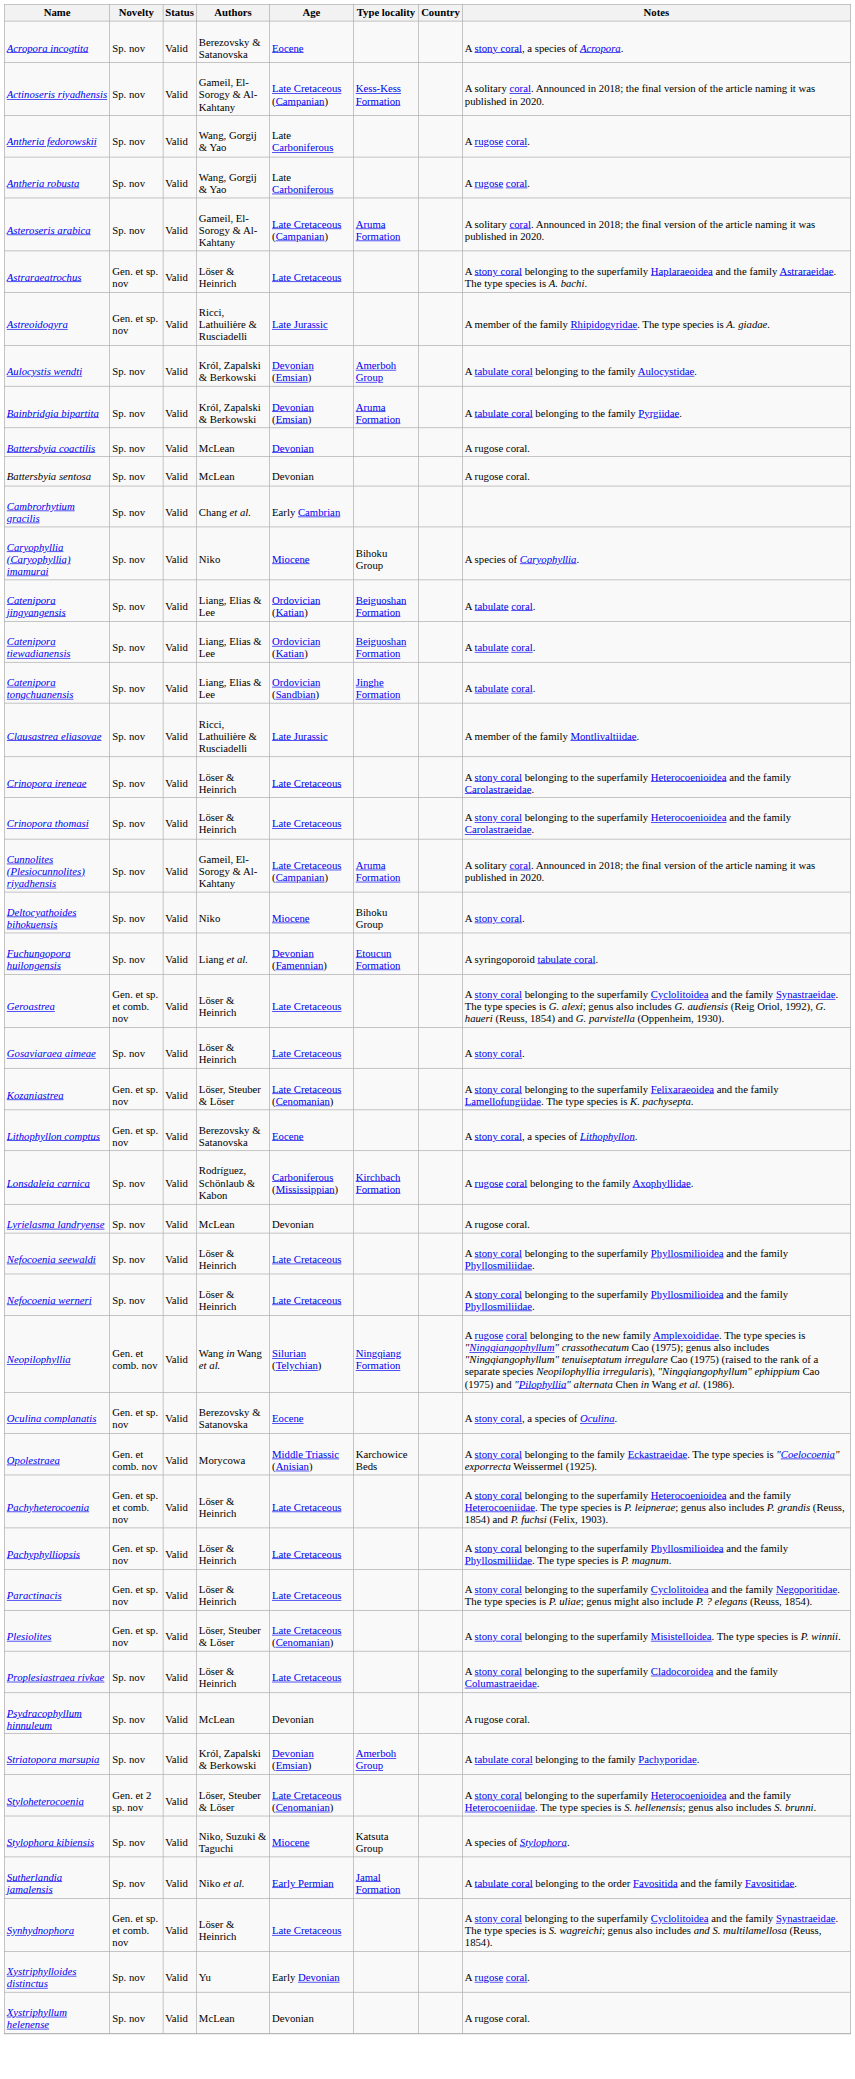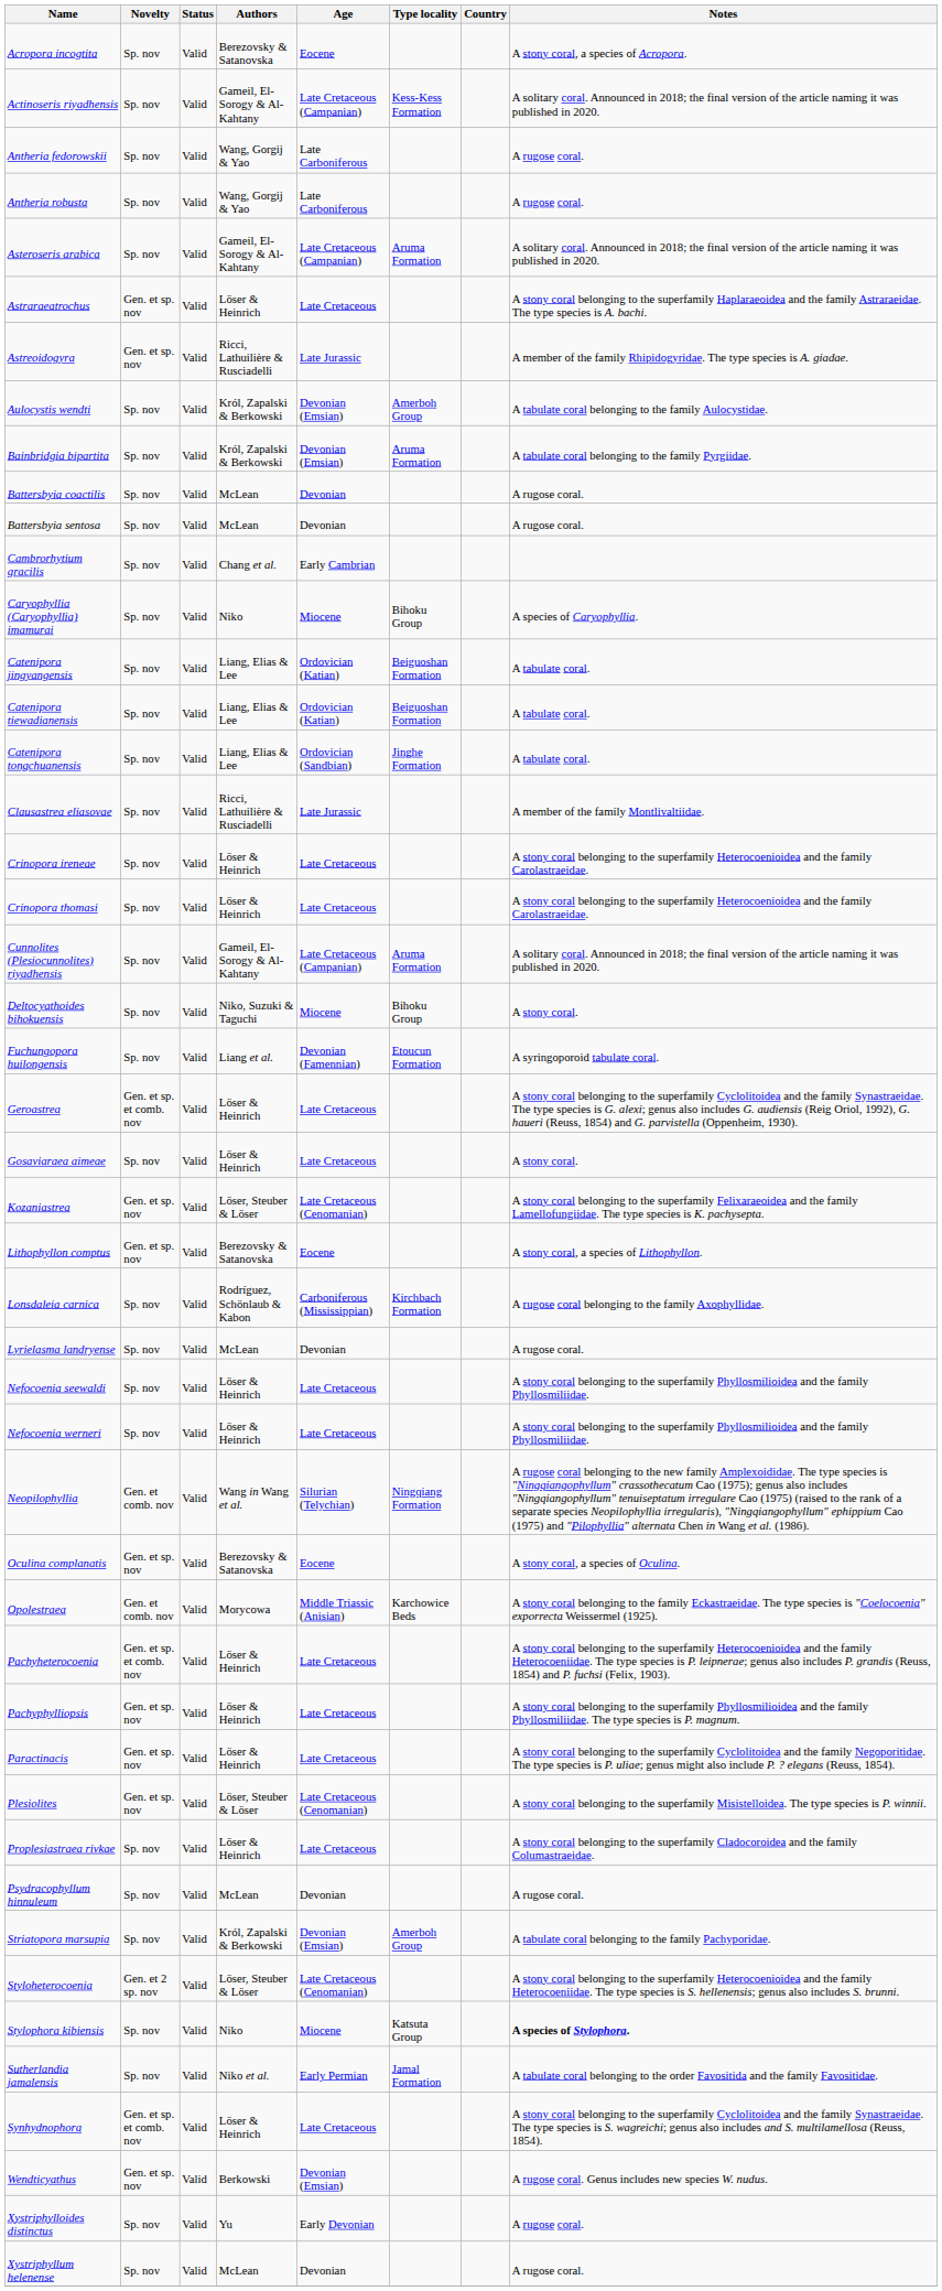 <table class="wikitable sortable" align="center" width="100%">
 <tr>
 <th>Name</th>
 <th>Novelty</th>
 <th>Status</th>
 <th>Authors</th>
 <th>Age</th>
 <th>Type locality</th>
 <th>Country</th>
 <th>Notes</th>
 </tr>
 <tr>
 <td><br><em><a href='#'>Acropora incogtita</a></em></td>
 <td><br>Sp. nov</td>
 <td><br>Valid</td>
 <td><br>Berezovsky & Satanovska</td>
 <td><br><a href='#'>Eocene</a></td>
 <td></td>
 <td><br></td>
 <td><br>A <a href='#'>stony coral</a>, a species of <em><a href='#'>Acropora</a></em>.</td>
 </tr>
 <tr>
 <td><br><em><a href='#'>Actinoseris riyadhensis</a></em></td>
 <td><br>Sp. nov</td>
 <td><br>Valid</td>
 <td><br>Gameil, El-Sorogy & Al-Kahtany</td>
 <td><br><a href='#'>Late Cretaceous</a> (<a href='#'>Campanian</a>)</td>
 <td><br><a href='#'>Kess-Kess Formation</a></td>
 <td><br></td>
 <td><br>A solitary <a href='#'>coral</a>. Announced in 2018; the final version of the article naming it was published in 2020.</td>
 </tr>
 <tr>
 <td><br><em><a href='#'>Antheria fedorowskii</a></em></td>
 <td><br>Sp. nov</td>
 <td><br>Valid</td>
 <td><br>Wang, Gorgij & Yao</td>
 <td><br>Late <a href='#'>Carboniferous</a></td>
 <td></td>
 <td><br></td>
 <td><br>A <a href='#'>rugose</a> <a href='#'>coral</a>.</td>
 </tr>
 <tr>
 <td><br><em><a href='#'>Antheria robusta</a></em></td>
 <td><br>Sp. nov</td>
 <td><br>Valid</td>
 <td><br>Wang, Gorgij & Yao</td>
 <td><br>Late <a href='#'>Carboniferous</a></td>
 <td></td>
 <td><br></td>
 <td><br>A <a href='#'>rugose</a> <a href='#'>coral</a>.</td>
 </tr>
 <tr>
 <td><br><em><a href='#'>Asteroseris arabica</a></em></td>
 <td><br>Sp. nov</td>
 <td><br>Valid</td>
 <td><br>Gameil, El-Sorogy & Al-Kahtany</td>
 <td><br><a href='#'>Late Cretaceous</a> (<a href='#'>Campanian</a>)</td>
 <td><br><a href='#'>Aruma Formation</a></td>
 <td><br></td>
 <td><br>A solitary <a href='#'>coral</a>. Announced in 2018; the final version of the article naming it was published in 2020.</td>
 </tr>
 <tr>
 <td><br><em><a href='#'>Astraraeatrochus</a></em></td>
 <td><br>Gen. et sp. nov</td>
 <td><br>Valid</td>
 <td><br>Löser & Heinrich</td>
 <td><br><a href='#'>Late Cretaceous</a></td>
 <td></td>
 <td><br></td>
 <td><br>A <a href='#'>stony coral</a> belonging to the superfamily <a href='#'>Haplaraeoidea</a> and the family <a href='#'>Astraraeidae</a>. The type species is <em>A. bachi</em>.</td>
 </tr>
 <tr>
 <td><br><em><a href='#'>Astreoidogyra</a></em></td>
 <td><br>Gen. et sp. nov</td>
 <td><br>Valid</td>
 <td><br>Ricci, Lathuilière & Rusciadelli</td>
 <td><br><a href='#'>Late Jurassic</a></td>
 <td></td>
 <td><br></td>
 <td><br>A member of the family <a href='#'>Rhipidogyridae</a>. The type species is <em>A. giadae</em>.</td>
 </tr>
 <tr>
 <td><br><em><a href='#'>Aulocystis wendti</a></em></td>
 <td><br>Sp. nov</td>
 <td><br>Valid</td>
 <td><br>Król, Zapalski & Berkowski</td>
 <td><br><a href='#'>Devonian</a> (<a href='#'>Emsian</a>)</td>
 <td><br><a href='#'>Amerboh Group</a></td>
 <td><br></td>
 <td><br>A <a href='#'>tabulate coral</a> belonging to the family <a href='#'>Aulocystidae</a>.</td>
 </tr>
 <tr>
 <td><br><em><a href='#'>Bainbridgia bipartita</a></em></td>
 <td><br>Sp. nov</td>
 <td><br>Valid</td>
 <td><br>Król, Zapalski & Berkowski</td>
 <td><br><a href='#'>Devonian</a> (<a href='#'>Emsian</a>)</td>
 <td><br><a href='#'>Aruma Formation</a></td>
 <td><br></td>
 <td><br>A <a href='#'>tabulate coral</a> belonging to the family <a href='#'>Pyrgiidae</a>.</td>
 </tr>
 <tr>
 <td><br><em><a href='#'>Battersbyia coactilis</a></em></td>
 <td><br>Sp. nov</td>
 <td><br>Valid</td>
 <td><br>McLean</td>
 <td><br><a href='#'>Devonian</a></td>
 <td></td>
 <td><br></td>
 <td><br>A rugose coral.</td>
 </tr>
 <tr>
 <td><br><em>Battersbyia sentosa</em></td>
 <td><br>Sp. nov</td>
 <td><br>Valid</td>
 <td><br>McLean</td>
 <td><br>Devonian</td>
 <td></td>
 <td><br></td>
 <td><br>A rugose coral.</td>
 </tr>
 <tr>
 <td><br><em><a href='#'>Cambrorhytium gracilis</a></em></td>
 <td><br>Sp. nov</td>
 <td><br>Valid</td>
 <td><br>Chang <em>et al.</em></td>
 <td><br>Early <a href='#'>Cambrian</a></td>
 <td></td>
 <td><br></td>
 <td></td>
 </tr>
 <tr>
 <td><br><em><a href='#'>Caryophyllia (Caryophyllia) imamurai</a></em></td>
 <td><br>Sp. nov</td>
 <td><br>Valid</td>
 <td><br>Niko</td>
 <td><br><a href='#'>Miocene</a></td>
 <td><br>Bihoku Group</td>
 <td><br></td>
 <td><br>A species of <em><a href='#'>Caryophyllia</a></em>.</td>
 </tr>
 <tr>
 <td><br><em><a href='#'>Catenipora jingyangensis</a></em></td>
 <td><br>Sp. nov</td>
 <td><br>Valid</td>
 <td><br>Liang, Elias & Lee</td>
 <td><br><a href='#'>Ordovician</a> (<a href='#'>Katian</a>)</td>
 <td><br><a href='#'>Beiguoshan Formation</a></td>
 <td><br></td>
 <td><br>A <a href='#'>tabulate</a> <a href='#'>coral</a>.</td>
 </tr>
 <tr>
 <td><br><em><a href='#'>Catenipora tiewadianensis</a></em></td>
 <td><br>Sp. nov</td>
 <td><br>Valid</td>
 <td><br>Liang, Elias & Lee</td>
 <td><br><a href='#'>Ordovician</a> (<a href='#'>Katian</a>)</td>
 <td><br><a href='#'>Beiguoshan Formation</a></td>
 <td><br></td>
 <td><br>A <a href='#'>tabulate</a> <a href='#'>coral</a>.</td>
 </tr>
 <tr>
 <td><br><em><a href='#'>Catenipora tongchuanensis</a></em></td>
 <td><br>Sp. nov</td>
 <td><br>Valid</td>
 <td><br>Liang, Elias & Lee</td>
 <td><br><a href='#'>Ordovician</a> (<a href='#'>Sandbian</a>)</td>
 <td><br><a href='#'>Jinghe Formation</a></td>
 <td><br></td>
 <td><br>A <a href='#'>tabulate</a> <a href='#'>coral</a>.</td>
 </tr>
 <tr>
 <td><br><em><a href='#'>Clausastrea eliasovae</a></em></td>
 <td><br>Sp. nov</td>
 <td><br>Valid</td>
 <td><br>Ricci, Lathuilière & Rusciadelli</td>
 <td><br><a href='#'>Late Jurassic</a></td>
 <td></td>
 <td><br></td>
 <td><br>A member of the family <a href='#'>Montlivaltiidae</a>.</td>
 </tr>
 <tr>
 <td><br><em><a href='#'>Crinopora ireneae</a></em></td>
 <td><br>Sp. nov</td>
 <td><br>Valid</td>
 <td><br>Löser & Heinrich</td>
 <td><br><a href='#'>Late Cretaceous</a></td>
 <td></td>
 <td><br></td>
 <td><br>A <a href='#'>stony coral</a> belonging to the superfamily <a href='#'>Heterocoenioidea</a> and the family <a href='#'>Carolastraeidae</a>.</td>
 </tr>
 <tr>
 <td><br><em><a href='#'>Crinopora thomasi</a></em></td>
 <td><br>Sp. nov</td>
 <td><br>Valid</td>
 <td><br>Löser & Heinrich</td>
 <td><br><a href='#'>Late Cretaceous</a></td>
 <td></td>
 <td><br></td>
 <td><br>A <a href='#'>stony coral</a> belonging to the superfamily <a href='#'>Heterocoenioidea</a> and the family <a href='#'>Carolastraeidae</a>.</td>
 </tr>
 <tr>
 <td><br><em><a href='#'>Cunnolites (Plesiocunnolites) riyadhensis</a></em></td>
 <td><br>Sp. nov</td>
 <td><br>Valid</td>
 <td><br>Gameil, El-Sorogy & Al-Kahtany</td>
 <td><br><a href='#'>Late Cretaceous</a> (<a href='#'>Campanian</a>)</td>
 <td><br><a href='#'>Aruma Formation</a></td>
 <td><br></td>
 <td><br>A solitary <a href='#'>coral</a>. Announced in 2018; the final version of the article naming it was published in 2020.</td>
 </tr>
 <tr>
 <td><br><em><a href='#'>Deltocyathoides bihokuensis</a></em></td>
 <td><br>Sp. nov</td>
 <td><br>Valid</td>
-<td><br>Niko</td>
+<td><br>Niko, Suzuki & Taguchi</td>
 <td><br><a href='#'>Miocene</a></td>
 <td><br>Bihoku Group</td>
 <td><br></td>
 <td><br>A <a href='#'>stony coral</a>.</td>
 </tr>
 <tr>
 <td><br><em><a href='#'>Fuchungopora huilongensis</a></em></td>
 <td><br>Sp. nov</td>
 <td><br>Valid</td>
 <td><br>Liang <em>et al.</em></td>
 <td><br><a href='#'>Devonian</a> (<a href='#'>Famennian</a>)</td>
 <td><br><a href='#'>Etoucun Formation</a></td>
 <td><br></td>
 <td><br>A syringoporoid <a href='#'>tabulate coral</a>.</td>
 </tr>
 <tr>
 <td><br><em><a href='#'>Geroastrea</a></em></td>
 <td><br>Gen. et sp. et comb. nov</td>
 <td><br>Valid</td>
 <td><br>Löser & Heinrich</td>
 <td><br><a href='#'>Late Cretaceous</a></td>
 <td></td>
 <td><br><br> <br> </td>
 <td><br>A <a href='#'>stony coral</a> belonging to the superfamily <a href='#'>Cyclolitoidea</a> and the family <a href='#'>Synastraeidae</a>. The type species is <em>G. alexi</em>; genus also includes <em>G. audiensis</em> (Reig Oriol, 1992), <em>G. haueri</em> (Reuss, 1854) and <em>G. parvistella</em> (Oppenheim, 1930).</td>
 </tr>
 <tr>
 <td><br><em><a href='#'>Gosaviaraea aimeae</a></em></td>
 <td><br>Sp. nov</td>
 <td><br>Valid</td>
 <td><br>Löser & Heinrich</td>
 <td><br><a href='#'>Late Cretaceous</a></td>
 <td></td>
 <td><br></td>
 <td><br>A <a href='#'>stony coral</a>.</td>
 </tr>
 <tr>
 <td><br><em><a href='#'>Kozaniastrea</a></em></td>
 <td><br>Gen. et sp. nov</td>
 <td><br>Valid</td>
 <td><br>Löser, Steuber & Löser</td>
 <td><br><a href='#'>Late Cretaceous</a> (<a href='#'>Cenomanian</a>)</td>
 <td></td>
 <td><br></td>
 <td><br>A <a href='#'>stony coral</a> belonging to the superfamily <a href='#'>Felixaraeoidea</a> and the family <a href='#'>Lamellofungiidae</a>. The type species is <em>K. pachysepta</em>.</td>
 </tr>
 <tr>
 <td><br><em><a href='#'>Lithophyllon comptus</a></em></td>
 <td><br>Gen. et sp. nov</td>
 <td><br>Valid</td>
 <td><br>Berezovsky & Satanovska</td>
 <td><br><a href='#'>Eocene</a></td>
 <td></td>
 <td><br></td>
 <td><br>A <a href='#'>stony coral</a>, a species of <em><a href='#'>Lithophyllon</a></em>.</td>
 </tr>
 <tr>
 <td><br><em><a href='#'>Lonsdaleia carnica</a></em></td>
 <td><br>Sp. nov</td>
 <td><br>Valid</td>
 <td><br>Rodríguez, Schönlaub & Kabon</td>
 <td><br><a href='#'>Carboniferous</a> (<a href='#'>Mississippian</a>)</td>
 <td><br><a href='#'>Kirchbach Formation</a></td>
 <td><br></td>
 <td><br>A <a href='#'>rugose</a> <a href='#'>coral</a> belonging to the family <a href='#'>Axophyllidae</a>.</td>
 </tr>
 <tr>
 <td><br><em><a href='#'>Lyrielasma landryense</a></em></td>
 <td><br>Sp. nov</td>
 <td><br>Valid</td>
 <td><br>McLean</td>
 <td><br>Devonian</td>
 <td></td>
 <td><br></td>
 <td><br>A rugose coral.</td>
 </tr>
 <tr>
 <td><br><em><a href='#'>Nefocoenia seewaldi</a></em></td>
 <td><br>Sp. nov</td>
 <td><br>Valid</td>
 <td><br>Löser & Heinrich</td>
 <td><br><a href='#'>Late Cretaceous</a></td>
 <td></td>
 <td><br></td>
 <td><br>A <a href='#'>stony coral</a> belonging to the superfamily <a href='#'>Phyllosmilioidea</a> and the family <a href='#'>Phyllosmiliidae</a>.</td>
 </tr>
 <tr>
 <td><br><em><a href='#'>Nefocoenia werneri</a></em></td>
 <td><br>Sp. nov</td>
 <td><br>Valid</td>
 <td><br>Löser & Heinrich</td>
 <td><br><a href='#'>Late Cretaceous</a></td>
 <td></td>
 <td><br></td>
 <td><br>A <a href='#'>stony coral</a> belonging to the superfamily <a href='#'>Phyllosmilioidea</a> and the family <a href='#'>Phyllosmiliidae</a>.</td>
 </tr>
 <tr>
 <td><br><em><a href='#'>Neopilophyllia</a></em></td>
 <td><br>Gen. et comb. nov</td>
 <td><br>Valid</td>
 <td><br>Wang <em>in</em> Wang <em>et al.</em></td>
 <td><br><a href='#'>Silurian</a> (<a href='#'>Telychian</a>)</td>
 <td><br><a href='#'>Ningqiang Formation</a></td>
 <td><br></td>
 <td><br>A <a href='#'>rugose</a> <a href='#'>coral</a> belonging to the new family <a href='#'>Amplexoididae</a>. The type species is <em>"<a href='#'>Ningqiangophyllum</a>" crassothecatum</em> Cao (1975); genus also includes <em>"Ningqiangophyllum" tenuiseptatum irregulare</em> Cao (1975) (raised to the rank of a separate species <em>Neopilophyllia irregularis</em>), <em>"Ningqiangophyllum" ephippium</em> Cao (1975) and <em>"<a href='#'>Pilophyllia</a>" alternata</em> Chen <em>in</em> Wang <em>et al.</em> (1986).</td>
 </tr>
 <tr>
 <td><br><em><a href='#'>Oculina complanatis</a></em></td>
 <td><br>Gen. et sp. nov</td>
 <td><br>Valid</td>
 <td><br>Berezovsky & Satanovska</td>
 <td><br><a href='#'>Eocene</a></td>
 <td></td>
 <td><br></td>
 <td><br>A <a href='#'>stony coral</a>, a species of <em><a href='#'>Oculina</a></em>.</td>
 </tr>
 <tr>
 <td><br><em><a href='#'>Opolestraea</a></em></td>
 <td><br>Gen. et comb. nov</td>
 <td><br>Valid</td>
 <td><br>Morycowa</td>
 <td><br><a href='#'>Middle Triassic</a> (<a href='#'>Anisian</a>)</td>
 <td><br>Karchowice Beds</td>
 <td><br></td>
 <td><br>A <a href='#'>stony coral</a> belonging to the family <a href='#'>Eckastraeidae</a>. The type species is <em>"<a href='#'>Coelocoenia</a>" exporrecta</em> Weissermel (1925).</td>
 </tr>
 <tr>
 <td><br><em><a href='#'>Pachyheterocoenia</a></em></td>
 <td><br>Gen. et sp. et comb. nov</td>
 <td><br>Valid</td>
 <td><br>Löser & Heinrich</td>
 <td><br><a href='#'>Late Cretaceous</a></td>
 <td></td>
 <td><br><br> </td>
 <td><br>A <a href='#'>stony coral</a> belonging to the superfamily <a href='#'>Heterocoenioidea</a> and the family <a href='#'>Heterocoeniidae</a>. The type species is <em>P. leipnerae</em>; genus also includes <em>P. grandis</em> (Reuss, 1854) and <em>P. fuchsi</em> (Felix, 1903).</td>
 </tr>
 <tr>
 <td><br><em><a href='#'>Pachyphylliopsis</a></em></td>
 <td><br>Gen. et sp. nov</td>
 <td><br>Valid</td>
 <td><br>Löser & Heinrich</td>
 <td><br><a href='#'>Late Cretaceous</a></td>
 <td></td>
 <td><br><br> <br> </td>
 <td><br>A <a href='#'>stony coral</a> belonging to the superfamily <a href='#'>Phyllosmilioidea</a> and the family <a href='#'>Phyllosmiliidae</a>. The type species is <em>P. magnum</em>.</td>
 </tr>
 <tr>
 <td><br><em><a href='#'>Paractinacis</a></em></td>
 <td><br>Gen. et sp. nov</td>
 <td><br>Valid</td>
 <td><br>Löser & Heinrich</td>
 <td><br><a href='#'>Late Cretaceous</a></td>
 <td></td>
 <td><br><br> <br> </td>
 <td><br>A <a href='#'>stony coral</a> belonging to the superfamily <a href='#'>Cyclolitoidea</a> and the family <a href='#'>Negoporitidae</a>. The type species is <em>P. uliae</em>; genus might also include <em>P. ? elegans</em> (Reuss, 1854).</td>
 </tr>
 <tr>
 <td><br><em><a href='#'>Plesiolites</a></em></td>
 <td><br>Gen. et sp. nov</td>
 <td><br>Valid</td>
 <td><br>Löser, Steuber & Löser</td>
 <td><br><a href='#'>Late Cretaceous</a> (<a href='#'>Cenomanian</a>)</td>
 <td></td>
 <td><br></td>
 <td><br>A <a href='#'>stony coral</a> belonging to the superfamily <a href='#'>Misistelloidea</a>. The type species is <em>P. winnii</em>.</td>
 </tr>
 <tr>
 <td><br><em><a href='#'>Proplesiastraea rivkae</a></em></td>
 <td><br>Sp. nov</td>
 <td><br>Valid</td>
 <td><br>Löser & Heinrich</td>
 <td><br><a href='#'>Late Cretaceous</a></td>
 <td></td>
 <td><br></td>
 <td><br>A <a href='#'>stony coral</a> belonging to the superfamily <a href='#'>Cladocoroidea</a> and the family <a href='#'>Columastraeidae</a>.</td>
 </tr>
 <tr>
 <td><br><em><a href='#'>Psydracophyllum hinnuleum</a></em></td>
 <td><br>Sp. nov</td>
 <td><br>Valid</td>
 <td><br>McLean</td>
 <td><br>Devonian</td>
 <td></td>
 <td><br></td>
 <td><br>A rugose coral.</td>
 </tr>
 <tr>
 <td><br><em><a href='#'>Striatopora marsupia</a></em></td>
 <td><br>Sp. nov</td>
 <td><br>Valid</td>
 <td><br>Król, Zapalski & Berkowski</td>
 <td><br><a href='#'>Devonian</a> (<a href='#'>Emsian</a>)</td>
 <td><br><a href='#'>Amerboh Group</a></td>
 <td><br></td>
 <td><br>A <a href='#'>tabulate coral</a> belonging to the family <a href='#'>Pachyporidae</a>.</td>
 </tr>
 <tr>
 <td><br><em><a href='#'>Styloheterocoenia</a></em></td>
 <td><br>Gen. et 2 sp. nov</td>
 <td><br>Valid</td>
 <td><br>Löser, Steuber & Löser</td>
 <td><br><a href='#'>Late Cretaceous</a> (<a href='#'>Cenomanian</a>)</td>
 <td></td>
 <td><br></td>
 <td><br>A <a href='#'>stony coral</a> belonging to the superfamily <a href='#'>Heterocoenioidea</a> and the family <a href='#'>Heterocoeniidae</a>. The type species is <em>S. hellenensis</em>; genus also includes <em>S. brunni</em>.</td>
 </tr>
 <tr>
 <td><br><em><a href='#'>Stylophora kibiensis</a></em></td>
 <td><br>Sp. nov</td>
 <td><br>Valid</td>
-<td><br>Niko, Suzuki & Taguchi</td>
+<td><br>Niko</td>
 <td><br><a href='#'>Miocene</a></td>
 <td><br>Katsuta Group</td>
 <td><br></td>
-<td><br>A species of <em><a href='#'>Stylophora</a></em>.</td>
+<td><strong><br>A species of <em><a href='#'>Stylophora</a></em>.</strong></td>
 </tr>
 <tr>
 <td><br><em><a href='#'>Sutherlandia jamalensis</a></em></td>
 <td><br>Sp. nov</td>
 <td><br>Valid</td>
 <td><br>Niko <em>et al.</em></td>
 <td><br><a href='#'>Early Permian</a></td>
 <td><br><a href='#'>Jamal Formation</a></td>
 <td><br></td>
 <td><br>A <a href='#'>tabulate coral</a> belonging to the order <a href='#'>Favositida</a> and the family <a href='#'>Favositidae</a>.</td>
 </tr>
 <tr>
 <td><br><em><a href='#'>Synhydnophora</a></em></td>
 <td><br>Gen. et sp. et comb. nov</td>
 <td><br>Valid</td>
 <td><br>Löser & Heinrich</td>
 <td><br><a href='#'>Late Cretaceous</a></td>
 <td></td>
 <td><br></td>
 <td><br>A <a href='#'>stony coral</a> belonging to the superfamily <a href='#'>Cyclolitoidea</a> and the family <a href='#'>Synastraeidae</a>. The type species is <em>S. wagreichi</em>; genus also includes <em>and S. multilamellosa</em> (Reuss, 1854).</td>
+</tr>
+<tr>
+<td><br><em><a href='#'>Wendticyathus</a></em></td>
+<td><br>Gen. et sp. nov</td>
+<td><br>Valid</td>
+<td><br>Berkowski</td>
+<td><br><a href='#'>Devonian</a> (<a href='#'>Emsian</a>)</td>
+<td></td>
+<td><br></td>
+<td><br>A <a href='#'>rugose</a> <a href='#'>coral</a>. Genus includes new species <em>W. nudus</em>.</td>
 </tr>
 <tr>
 <td><br><em><a href='#'>Xystriphylloides distinctus</a></em></td>
 <td><br>Sp. nov</td>
 <td><br>Valid</td>
 <td><br>Yu</td>
 <td><br>Early <a href='#'>Devonian</a></td>
 <td></td>
 <td><br></td>
 <td><br>A <a href='#'>rugose</a> <a href='#'>coral</a>.</td>
 </tr>
 <tr>
 <td><br><em><a href='#'>Xystriphyllum helenense</a></em></td>
 <td><br>Sp. nov</td>
 <td><br>Valid</td>
 <td><br>McLean</td>
 <td><br>Devonian</td>
 <td></td>
 <td><br></td>
 <td><br>A rugose coral.</td>
 </tr>
 <tr>
 </tr>
 </table>
